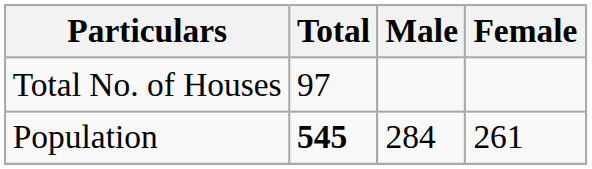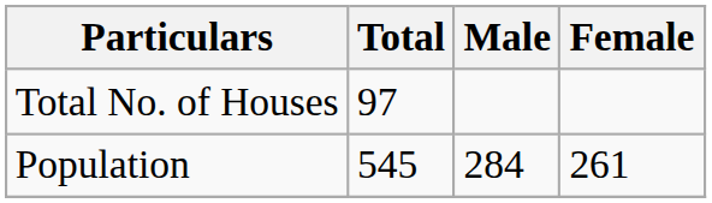 <table class="wikitable sortable">
 <tr>
 <th>Particulars</th>
 <th>Total</th>
 <th>Male</th>
 <th>Female</th>
 </tr>
 <tr>
 <td>Total No. of Houses</td>
 <td>97</td>
 <td></td>
 <td></td>
 </tr>
 <tr>
 <td>Population</td>
-<td><strong>545</strong></td>
+<td>545</td>
 <td>284</td>
 <td>261</td>
 </tr>
 <tr>
 </tr>
 </table>
